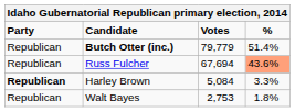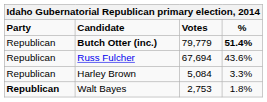 <table class="wikitable">
 <tr>
 <th colspan="4">Idaho Gubernatorial Republican primary election, 2014</th>
 </tr>
 <tr>
 <td><strong>Party</strong></td>
 <td><strong>Candidate</strong></td>
 <td><strong>Votes</strong></td>
 <td align=center><strong>%</strong></td>
 </tr>
 <tr>
 <td>Republican</td>
 <td><strong>Butch Otter (inc.)</strong></td>
 <td>79,779</td>
-<td>51.4%</td>
+<td><strong>51.4%</strong></td>
 </tr>
 <tr>
 <td>Republican</td>
 <td><a href='#'>Russ Fulcher</a></td>
 <td>67,694</td>
-<td style="background: lightsalmon;">43.6%</td>
+<td>43.6%</td>
 </tr>
 <tr>
-<td><strong>Republican</strong></td>
+<td>Republican</td>
 <td>Harley Brown</td>
 <td>  5,084</td>
 <td>  3.3%</td>
 </tr>
 <tr>
-<td>Republican</td>
+<td><strong>Republican</strong></td>
 <td>Walt Bayes</td>
 <td>  2,753</td>
 <td>  1.8%</td>
 </tr>
 </table>
